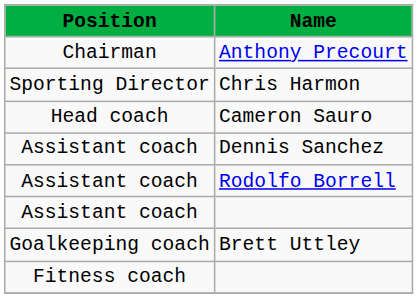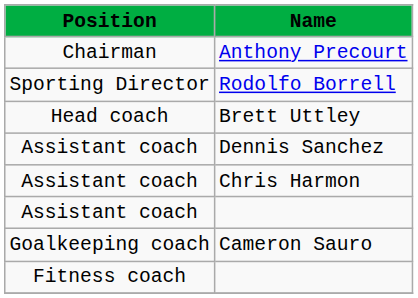 <table class="wikitable" style="text-align:center;">
 <tr>
 <th style="background:#00AE42; color:black;">Position</th>
 <th style="background:#00AE42; color:black;">Name</th>
 </tr>
 <tr>
 <td>Chairman</td>
 <td align=left> <a href='#'>Anthony Precourt</a></td>
 </tr>
 <tr>
 <td>Sporting Director</td>
-<td align=left> Chris Harmon</td>
+<td align=left> <a href='#'>Rodolfo Borrell</a></td>
 </tr>
 <tr>
 <td>Head coach</td>
-<td align=left> Cameron Sauro</td>
+<td align=left> Brett Uttley</td>
 </tr>
 <tr>
 <td>Assistant coach</td>
 <td align=left> Dennis Sanchez</td>
 </tr>
 <tr>
 <td>Assistant coach</td>
-<td align=left> <a href='#'>Rodolfo Borrell</a></td>
+<td align=left> Chris Harmon</td>
 </tr>
 <tr>
 <td>Assistant coach</td>
 <td align=left></td>
 </tr>
 <tr>
 <td>Goalkeeping coach</td>
-<td align=left> Brett Uttley</td>
+<td align=left> Cameron Sauro</td>
 </tr>
 <tr>
 <td>Fitness coach</td>
 <td align=left></td>
 </tr>
 <tr>
 </tr>
 </table>
